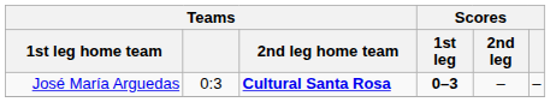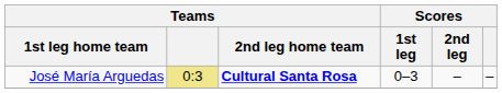 <table class="wikitable" style="text-align: center;">
 <tr>
 <th colspan=3>Teams</th>
 <th colspan=3>Scores</th>
 </tr>
 <tr>
 <th width="175">1st leg home team</th>
 <th width="50"></th>
 <th width="175">2nd leg home team</th>
 <th width="50">1st leg</th>
 <th width="50">2nd leg</th>
 <th></th>
 </tr>
 <tr>
 <td align=right><a href='#'>José María Arguedas</a></td>
-<td>0:3</td>
+<td style="background: khaki;">0:3</td>
 <td align=left><strong><a href='#'>Cultural Santa Rosa</a></strong></td>
-<td><strong>0–3</strong></td>
+<td>0–3</td>
 <td>–</td>
 <td>–</td>
 </tr>
 <tr>
 </tr>
 </table>
